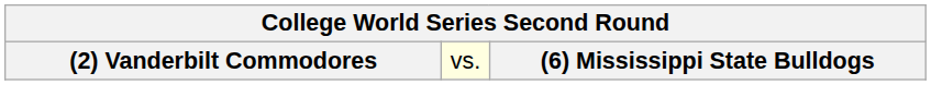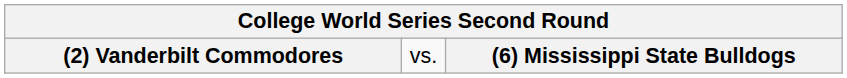 <table class="wikitable">
 <tr>
 <th style="width: 604px;" colspan=3>College World Series Second Round</th>
 </tr>
 <tr>
 <th style="width: 289px; ">(2) Vanderbilt Commodores</th>
-<td style="background: lightyellow; width: 25px; text-align:center">vs.</td>
+<td style="width: 25px; text-align:center">vs.</td>
 <th style="width: 289px; ">(6) Mississippi State Bulldogs</th>
 </tr>
 </table>
